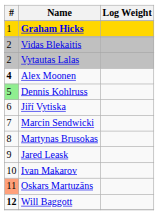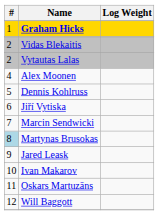 <table class="wikitable" style="display: inline-table">
 <tr>
 <th>#</th>
 <th>Name</th>
 <th>Log Weight</th>
 </tr>
 <tr>
 </tr>
 <tr style="background:gold;">
 <td>1</td>
 <td> <strong><a href='#'>Graham Hicks</a></strong></td>
 <td></td>
 </tr>
 <tr>
 </tr>
 <tr style="background:silver;">
 <td>2</td>
 <td> <a href='#'>Vidas Blekaitis</a></td>
 <td></td>
 </tr>
 <tr>
 </tr>
 <tr style="background:silver;">
 <td>2</td>
 <td> <a href='#'>Vytautas Lalas</a></td>
 <td></td>
 </tr>
 <tr>
-<td><strong>4</strong></td>
+<td>4</td>
 <td> <a href='#'>Alex Moonen</a></td>
 <td></td>
 </tr>
 <tr>
-<td style="background: lightgreen;">5</td>
+<td>5</td>
 <td> <a href='#'>Dennis Kohlruss</a></td>
 <td></td>
 </tr>
 <tr>
 <td>6</td>
 <td> <a href='#'>Jiří Vytiska</a></td>
 <td></td>
 </tr>
 <tr>
 <td>7</td>
 <td> <a href='#'>Marcin Sendwicki</a></td>
 <td></td>
 </tr>
 <tr>
-<td>8</td>
+<td style="background: lightblue;">8</td>
 <td> <a href='#'>Martynas Brusokas</a></td>
 <td></td>
 </tr>
 <tr>
 <td>9</td>
 <td> <a href='#'>Jared Leask</a></td>
 <td></td>
 </tr>
 <tr>
 <td>10</td>
 <td> <a href='#'>Ivan Makarov</a></td>
 <td></td>
 </tr>
 <tr>
-<td style="background: lightsalmon;">11</td>
+<td>11</td>
 <td> <a href='#'>Oskars Martuzāns</a></td>
 <td></td>
 </tr>
 <tr>
-<td><strong>12</strong></td>
+<td>12</td>
 <td> <a href='#'>Will Baggott</a></td>
 <td></td>
 </tr>
 <tr>
 </tr>
 </table>
